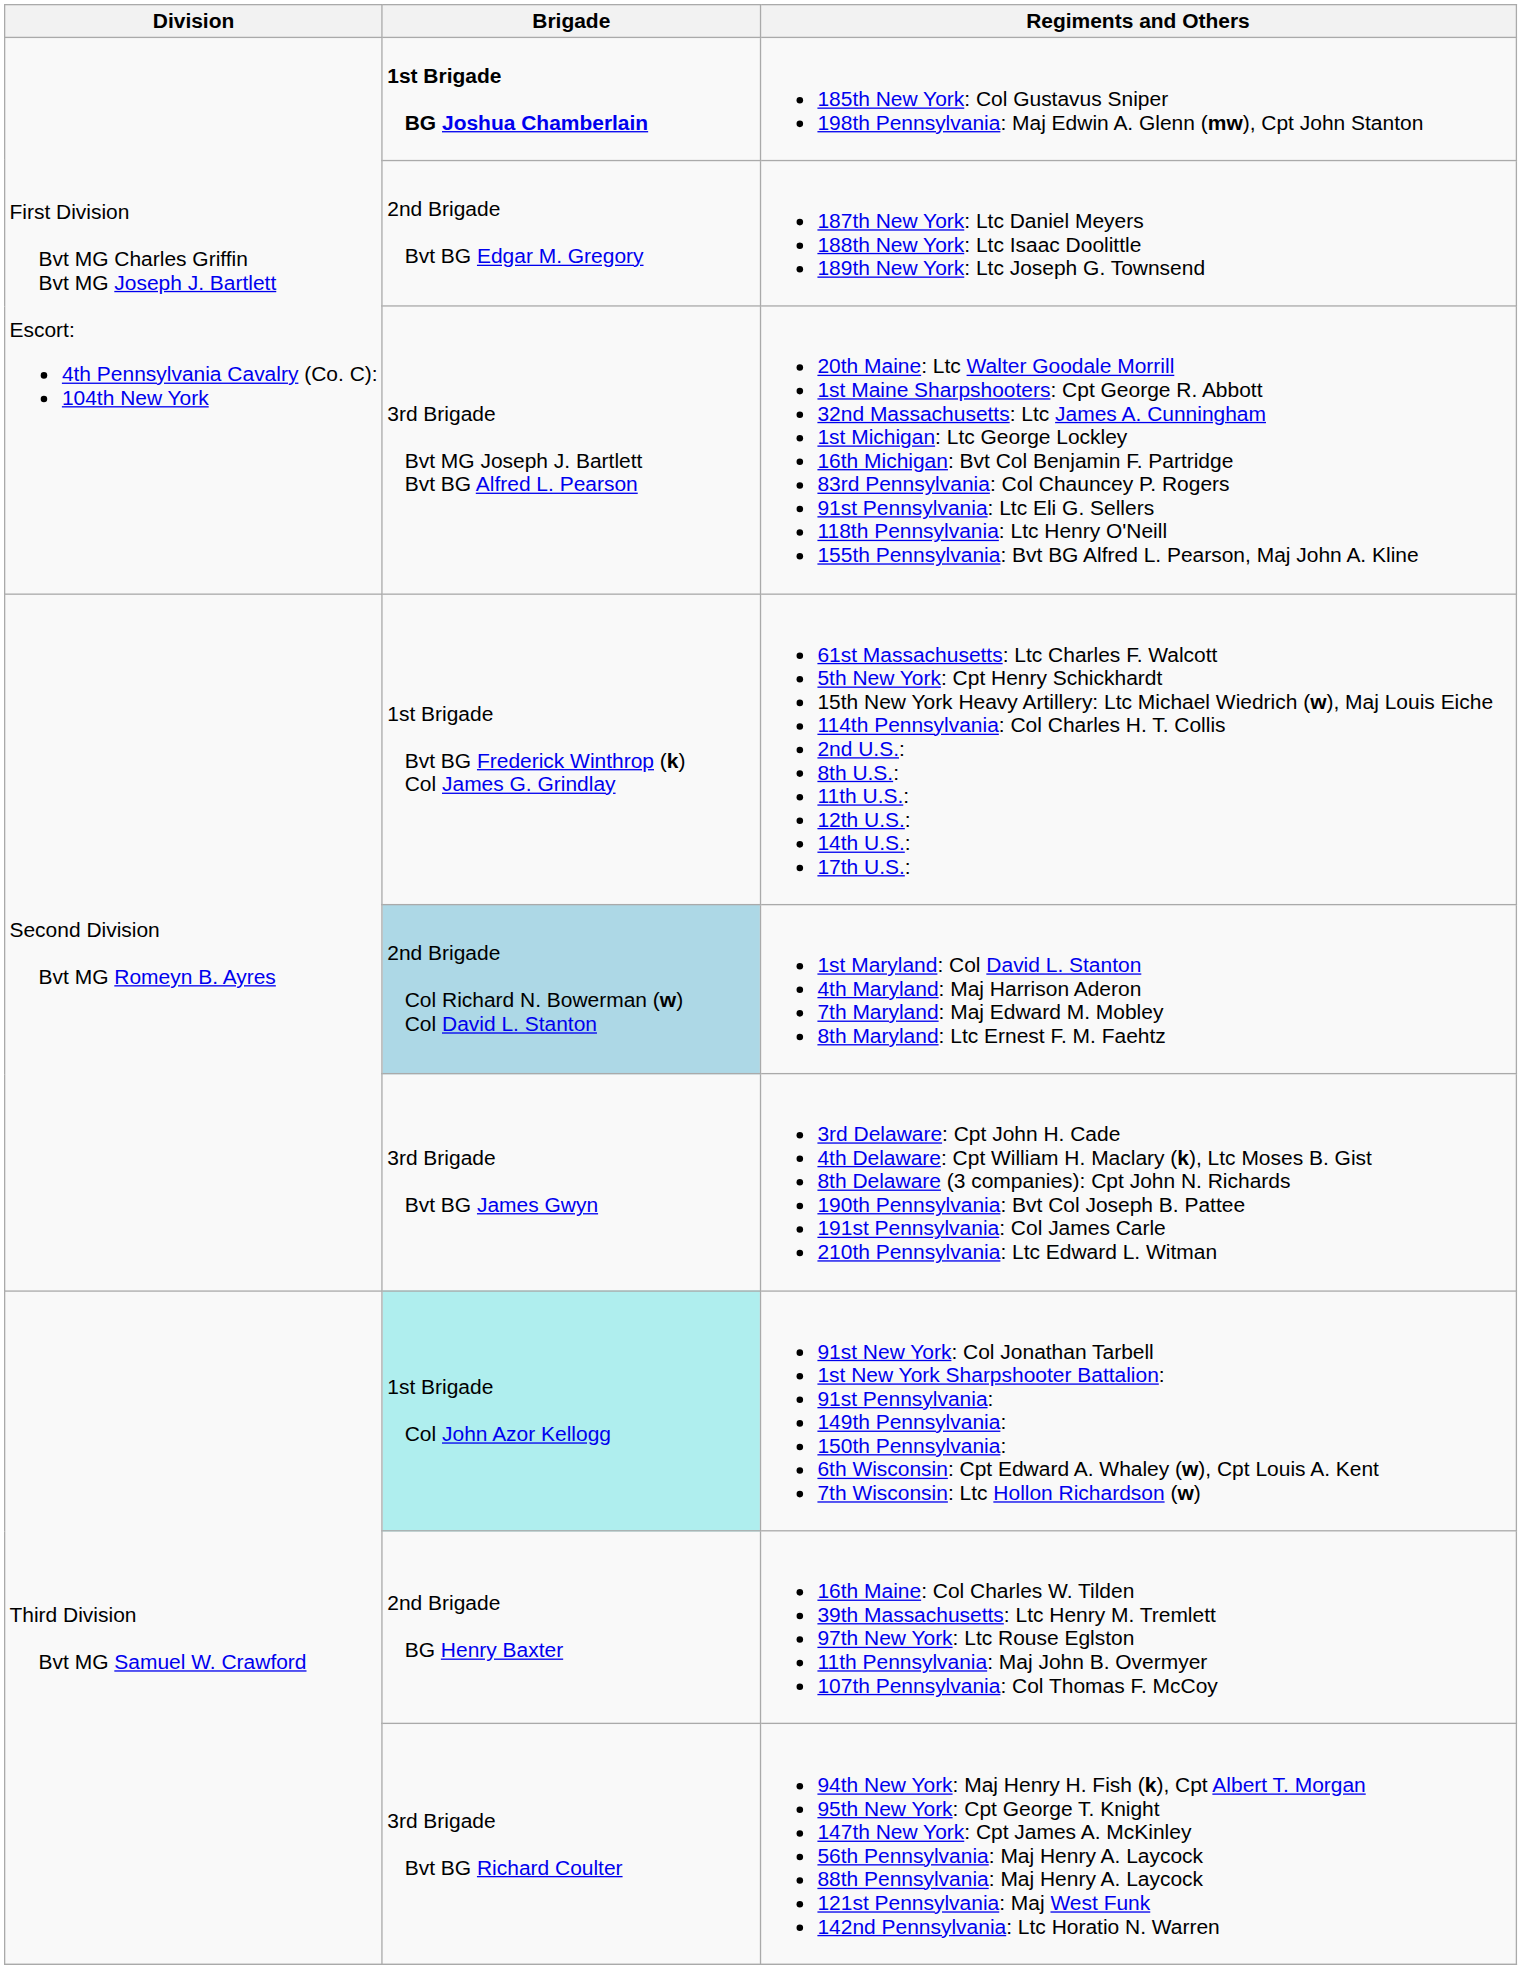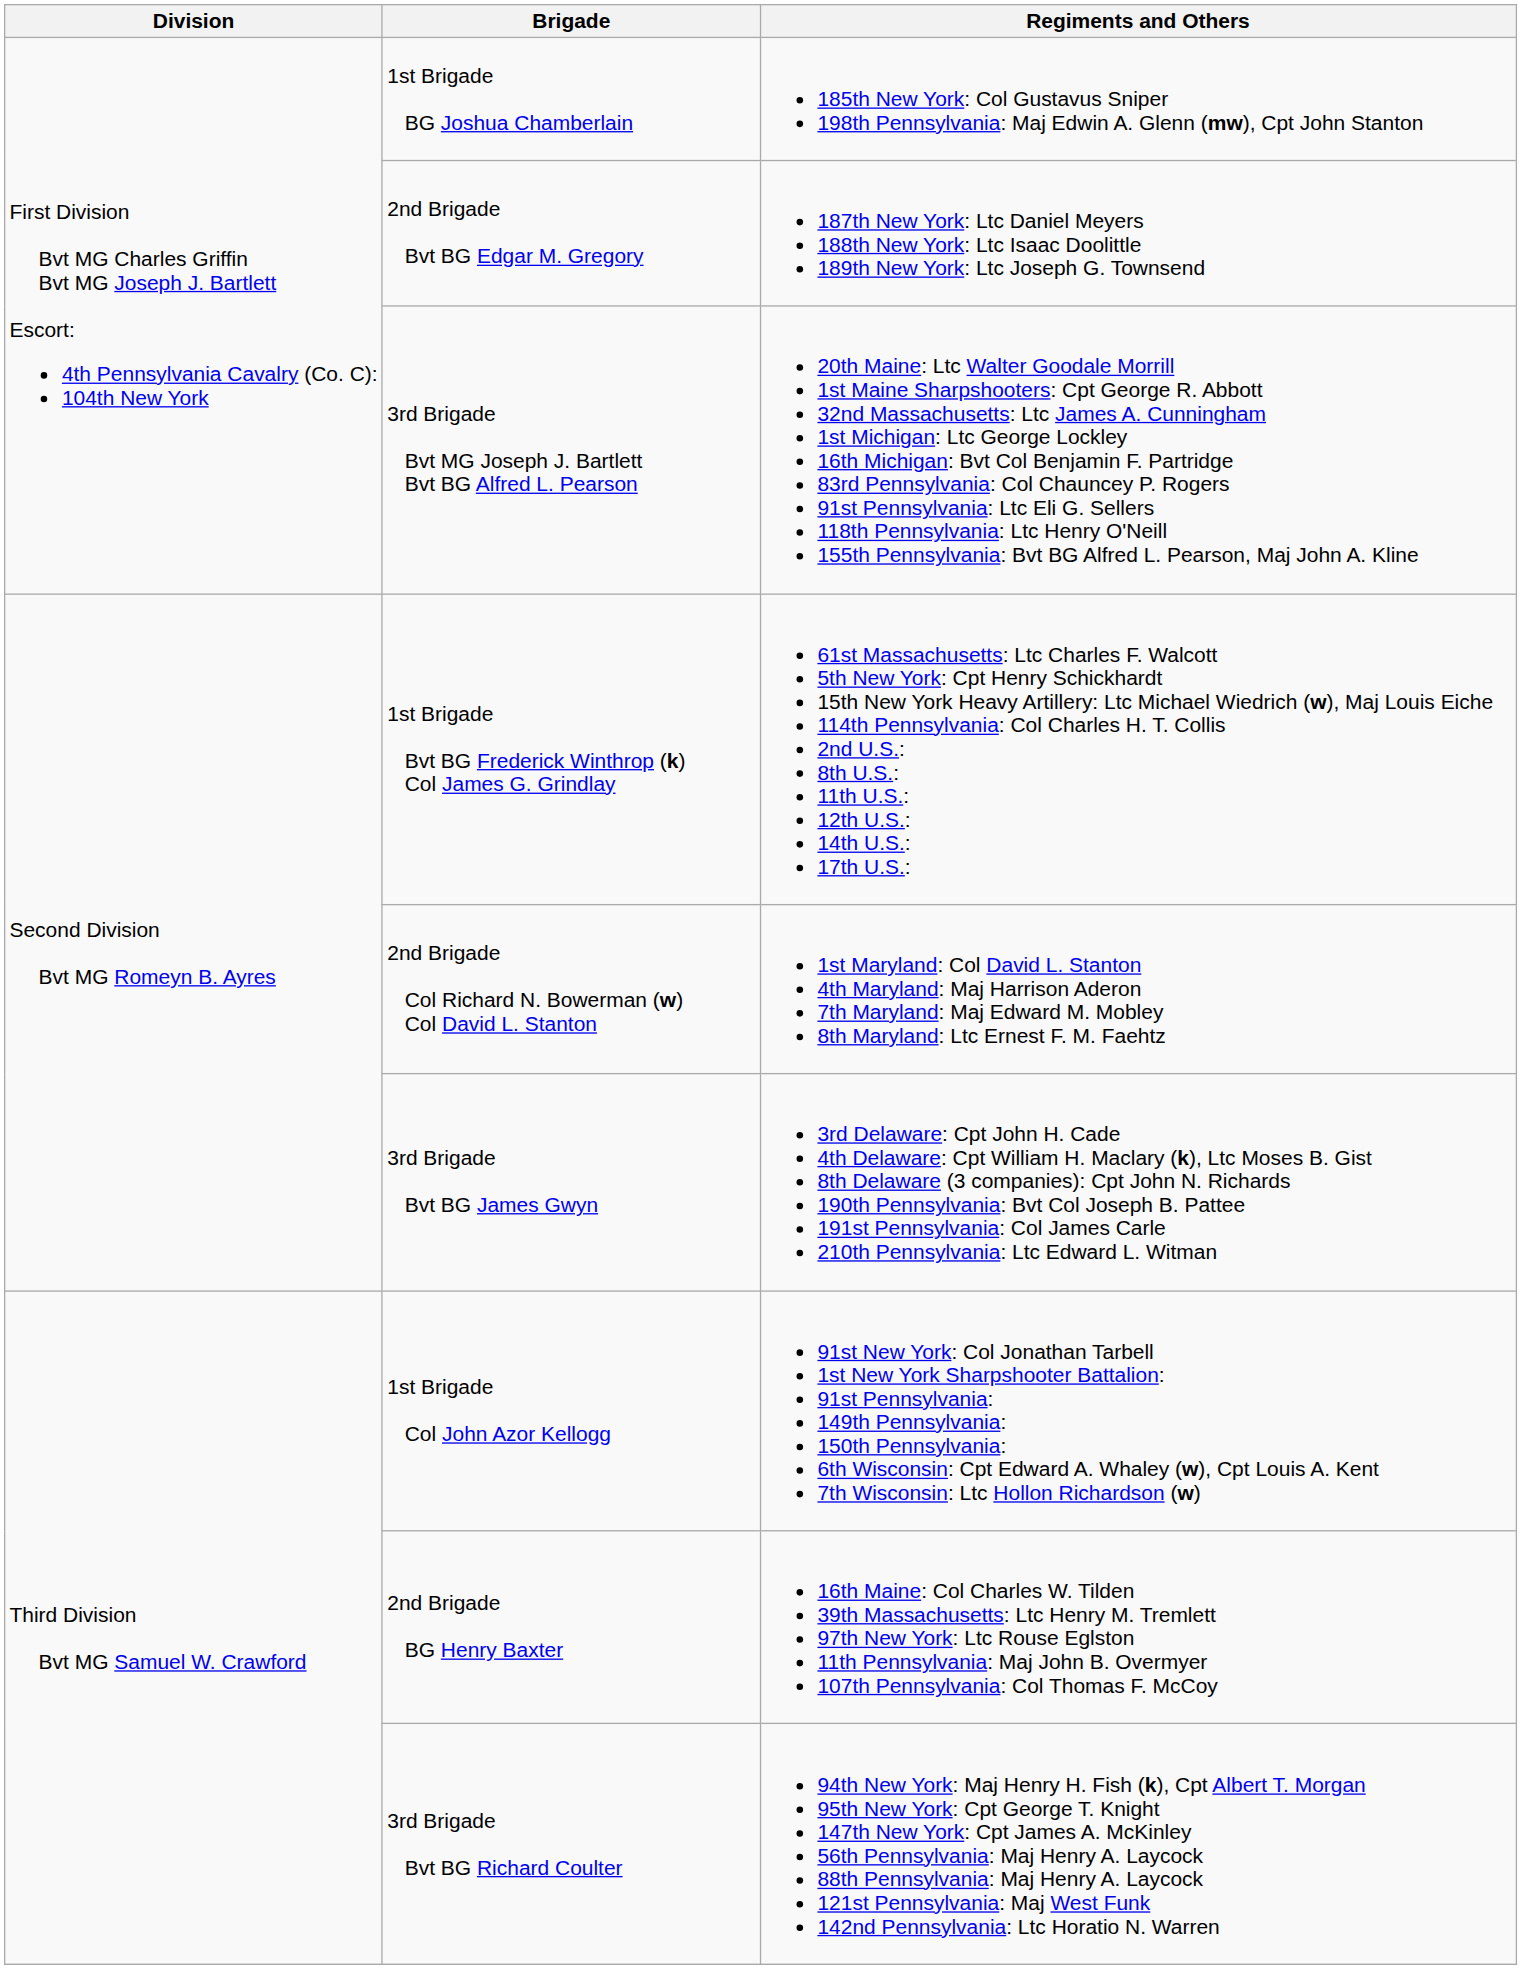 <table class="wikitable">
 <tr>
 <th width=25%>Division</th>
 <th width=25%>Brigade</th>
 <th>Regiments and Others</th>
 </tr>
 <tr>
 <td rowspan=3><br>First Division<br><br>     Bvt MG Charles Griffin<br>     Bvt MG <a href='#'>Joseph J. Bartlett</a> <br><br> Escort:<ul><li><a href='#'>4th Pennsylvania Cavalry</a> (Co. C):</li><li><a href='#'>104th New York</a></li></ul><br></td>
-<td><strong>1st Brigade<br><br>   BG <a href='#'>Joshua Chamberlain</a></strong></td>
+<td>1st Brigade<br><br>   BG <a href='#'>Joshua Chamberlain</a></td>
 <td><br><ul><li><a href='#'>185th New York</a>: Col Gustavus Sniper</li><li><a href='#'>198th Pennsylvania</a>: Maj Edwin A. Glenn (<strong>mw</strong>), Cpt John Stanton</li></ul></td>
 </tr>
 <tr>
 <td>2nd Brigade<br><br>   Bvt BG <a href='#'>Edgar M. Gregory</a></td>
 <td><br><ul><li><a href='#'>187th New York</a>: Ltc Daniel Meyers</li><li><a href='#'>188th New York</a>: Ltc Isaac Doolittle</li><li><a href='#'>189th New York</a>: Ltc Joseph G. Townsend</li></ul></td>
 </tr>
 <tr>
 <td>3rd Brigade<br><br>   Bvt MG Joseph J. Bartlett <br>   Bvt BG <a href='#'>Alfred L. Pearson</a></td>
 <td><br><ul><li><a href='#'>20th Maine</a>: Ltc <a href='#'>Walter Goodale Morrill</a></li><li><a href='#'>1st Maine Sharpshooters</a>: Cpt George R. Abbott</li><li><a href='#'>32nd Massachusetts</a>: Ltc <a href='#'>James A. Cunningham</a></li><li><a href='#'>1st Michigan</a>: Ltc George Lockley</li><li><a href='#'>16th Michigan</a>: Bvt Col Benjamin F. Partridge</li><li><a href='#'>83rd Pennsylvania</a>: Col Chauncey P. Rogers</li><li><a href='#'>91st Pennsylvania</a>: Ltc Eli G. Sellers</li><li><a href='#'>118th Pennsylvania</a>: Ltc Henry O'Neill</li><li><a href='#'>155th Pennsylvania</a>: Bvt BG Alfred L. Pearson, Maj John A. Kline</li></ul></td>
 </tr>
 <tr>
 <td rowspan=3><br>Second Division<br><br>     Bvt MG <a href='#'>Romeyn B. Ayres</a></td>
 <td>1st Brigade<br><br>   Bvt BG <a href='#'>Frederick Winthrop</a> (<strong>k</strong>)<br>    Col <a href='#'>James G. Grindlay</a></td>
 <td><br><ul><li><a href='#'>61st Massachusetts</a>: Ltc Charles F. Walcott</li><li><a href='#'>5th New York</a>: Cpt Henry Schickhardt</li><li>15th New York Heavy Artillery: Ltc Michael Wiedrich (<strong>w</strong>), Maj Louis Eiche</li><li><a href='#'>114th Pennsylvania</a>: Col Charles H. T. Collis</li><li><a href='#'>2nd U.S.</a>:</li><li><a href='#'>8th U.S.</a>:</li><li><a href='#'>11th U.S.</a>:</li><li><a href='#'>12th U.S.</a>:</li><li><a href='#'>14th U.S.</a>:</li><li><a href='#'>17th U.S.</a>:</li></ul></td>
 </tr>
 <tr>
-<td style="background: lightblue;">2nd Brigade<br><br>   Col Richard N. Bowerman (<strong>w</strong>)<br>    Col <a href='#'>David L. Stanton</a></td>
+<td>2nd Brigade<br><br>   Col Richard N. Bowerman (<strong>w</strong>)<br>    Col <a href='#'>David L. Stanton</a></td>
 <td><br><ul><li><a href='#'>1st Maryland</a>: Col <a href='#'>David L. Stanton</a></li><li><a href='#'>4th Maryland</a>: Maj Harrison Aderon</li><li><a href='#'>7th Maryland</a>: Maj Edward M. Mobley</li><li><a href='#'>8th Maryland</a>: Ltc Ernest F. M. Faehtz</li></ul></td>
 </tr>
 <tr>
 <td>3rd Brigade<br><br>   Bvt BG <a href='#'>James Gwyn</a></td>
 <td><br><ul><li><a href='#'>3rd Delaware</a>: Cpt John H. Cade</li><li><a href='#'>4th Delaware</a>: Cpt William H. Maclary (<strong>k</strong>), Ltc Moses B. Gist</li><li><a href='#'>8th Delaware</a> (3 companies): Cpt John N. Richards</li><li><a href='#'>190th Pennsylvania</a>: Bvt Col Joseph B. Pattee</li><li><a href='#'>191st Pennsylvania</a>: Col James Carle</li><li><a href='#'>210th Pennsylvania</a>: Ltc Edward L. Witman</li></ul></td>
 </tr>
 <tr>
 <td rowspan=3><br>Third Division<br><br>     Bvt MG <a href='#'>Samuel W. Crawford</a></td>
-<td style="background: paleturquoise;">1st Brigade<br><br>   Col <a href='#'>John Azor Kellogg</a></td>
+<td>1st Brigade<br><br>   Col <a href='#'>John Azor Kellogg</a></td>
 <td><br><ul><li><a href='#'>91st New York</a>: Col Jonathan Tarbell</li><li><a href='#'>1st New York Sharpshooter Battalion</a>:</li><li><a href='#'>91st Pennsylvania</a>:</li><li><a href='#'>149th Pennsylvania</a>:</li><li><a href='#'>150th Pennsylvania</a>:</li><li><a href='#'>6th Wisconsin</a>: Cpt Edward A. Whaley (<strong>w</strong>), Cpt Louis A. Kent</li><li><a href='#'>7th Wisconsin</a>: Ltc <a href='#'>Hollon Richardson</a> (<strong>w</strong>)</li></ul></td>
 </tr>
 <tr>
 <td>2nd Brigade<br><br>   BG <a href='#'>Henry Baxter</a></td>
 <td><br><ul><li><a href='#'>16th Maine</a>: Col Charles W. Tilden</li><li><a href='#'>39th Massachusetts</a>: Ltc Henry M. Tremlett</li><li><a href='#'>97th New York</a>: Ltc Rouse Eglston</li><li><a href='#'>11th Pennsylvania</a>: Maj John B. Overmyer</li><li><a href='#'>107th Pennsylvania</a>: Col Thomas F. McCoy</li></ul></td>
 </tr>
 <tr>
 <td>3rd Brigade<br><br>   Bvt BG <a href='#'>Richard Coulter</a></td>
 <td><br><ul><li><a href='#'>94th New York</a>: Maj Henry H. Fish (<strong>k</strong>), Cpt <a href='#'>Albert T. Morgan</a></li><li><a href='#'>95th New York</a>: Cpt George T. Knight</li><li><a href='#'>147th New York</a>: Cpt James A. McKinley</li><li><a href='#'>56th Pennsylvania</a>: Maj Henry A. Laycock</li><li><a href='#'>88th Pennsylvania</a>: Maj Henry A. Laycock</li><li><a href='#'>121st Pennsylvania</a>: Maj <a href='#'>West Funk</a></li><li><a href='#'>142nd Pennsylvania</a>: Ltc Horatio N. Warren</li></ul></td>
 </tr>
 <tr>
 </tr>
 </table>
